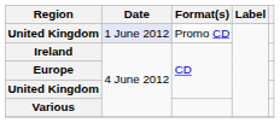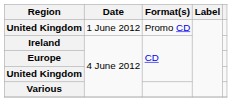 <table class="wikitable plainrowheaders">
 <tr>
 <th scope="col">Region</th>
 <th scope="col">Date</th>
 <th scope="col">Format(s)</th>
 <th scope="col">Label</th>
 <th scope="col"></th>
 </tr>
 <tr>
 <th scope="row">United Kingdom</th>
-<td style="background: lavender;">1 June 2012</td>
+<td>1 June 2012</td>
 <td>Promo <a href='#'>CD</a></td>
 <td rowspan="5"></td>
 <td></td>
 </tr>
 <tr>
 <th scope="row">Ireland</th>
 <td rowspan="4">4 June 2012</td>
 <td rowspan="3"><a href='#'>CD</a></td>
 <td></td>
 </tr>
 <tr>
 <th scope="row">Europe</th>
 <td></td>
 </tr>
 <tr>
 <th scope="row">United Kingdom</th>
 <td></td>
 </tr>
 <tr>
 <th scope="row">Various</th>
 <td></td>
 <td></td>
 </tr>
 <tr>
 </tr>
 </table>
